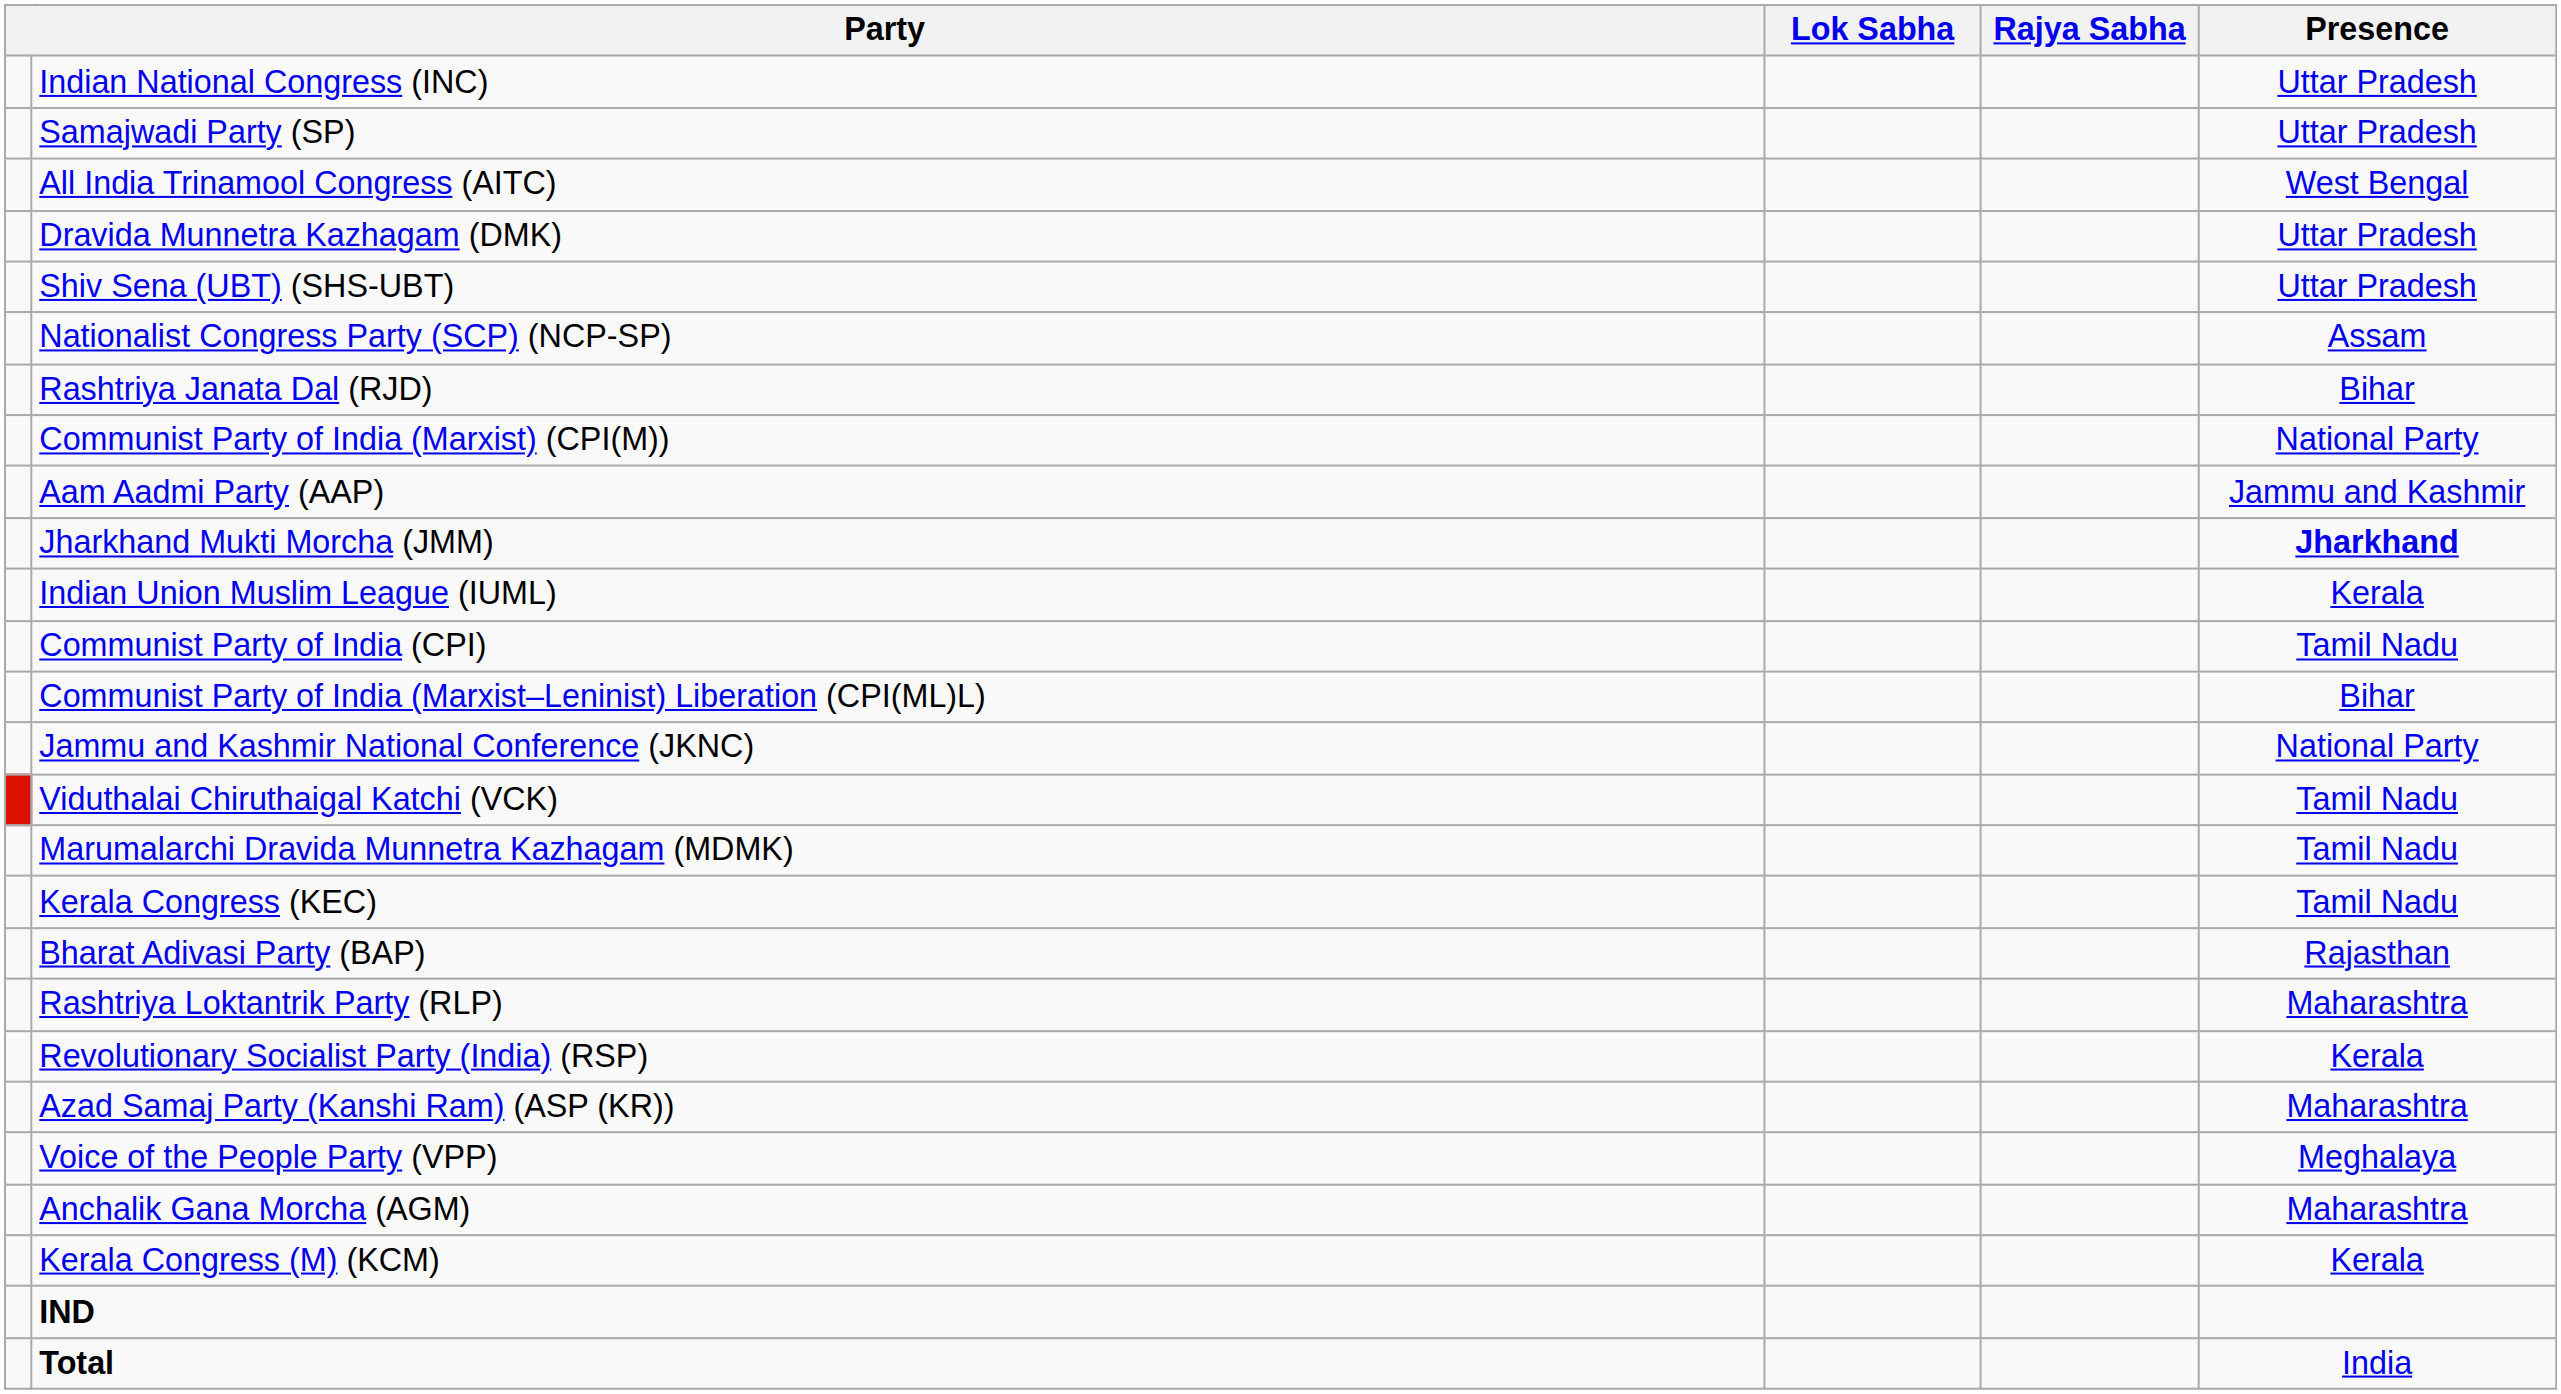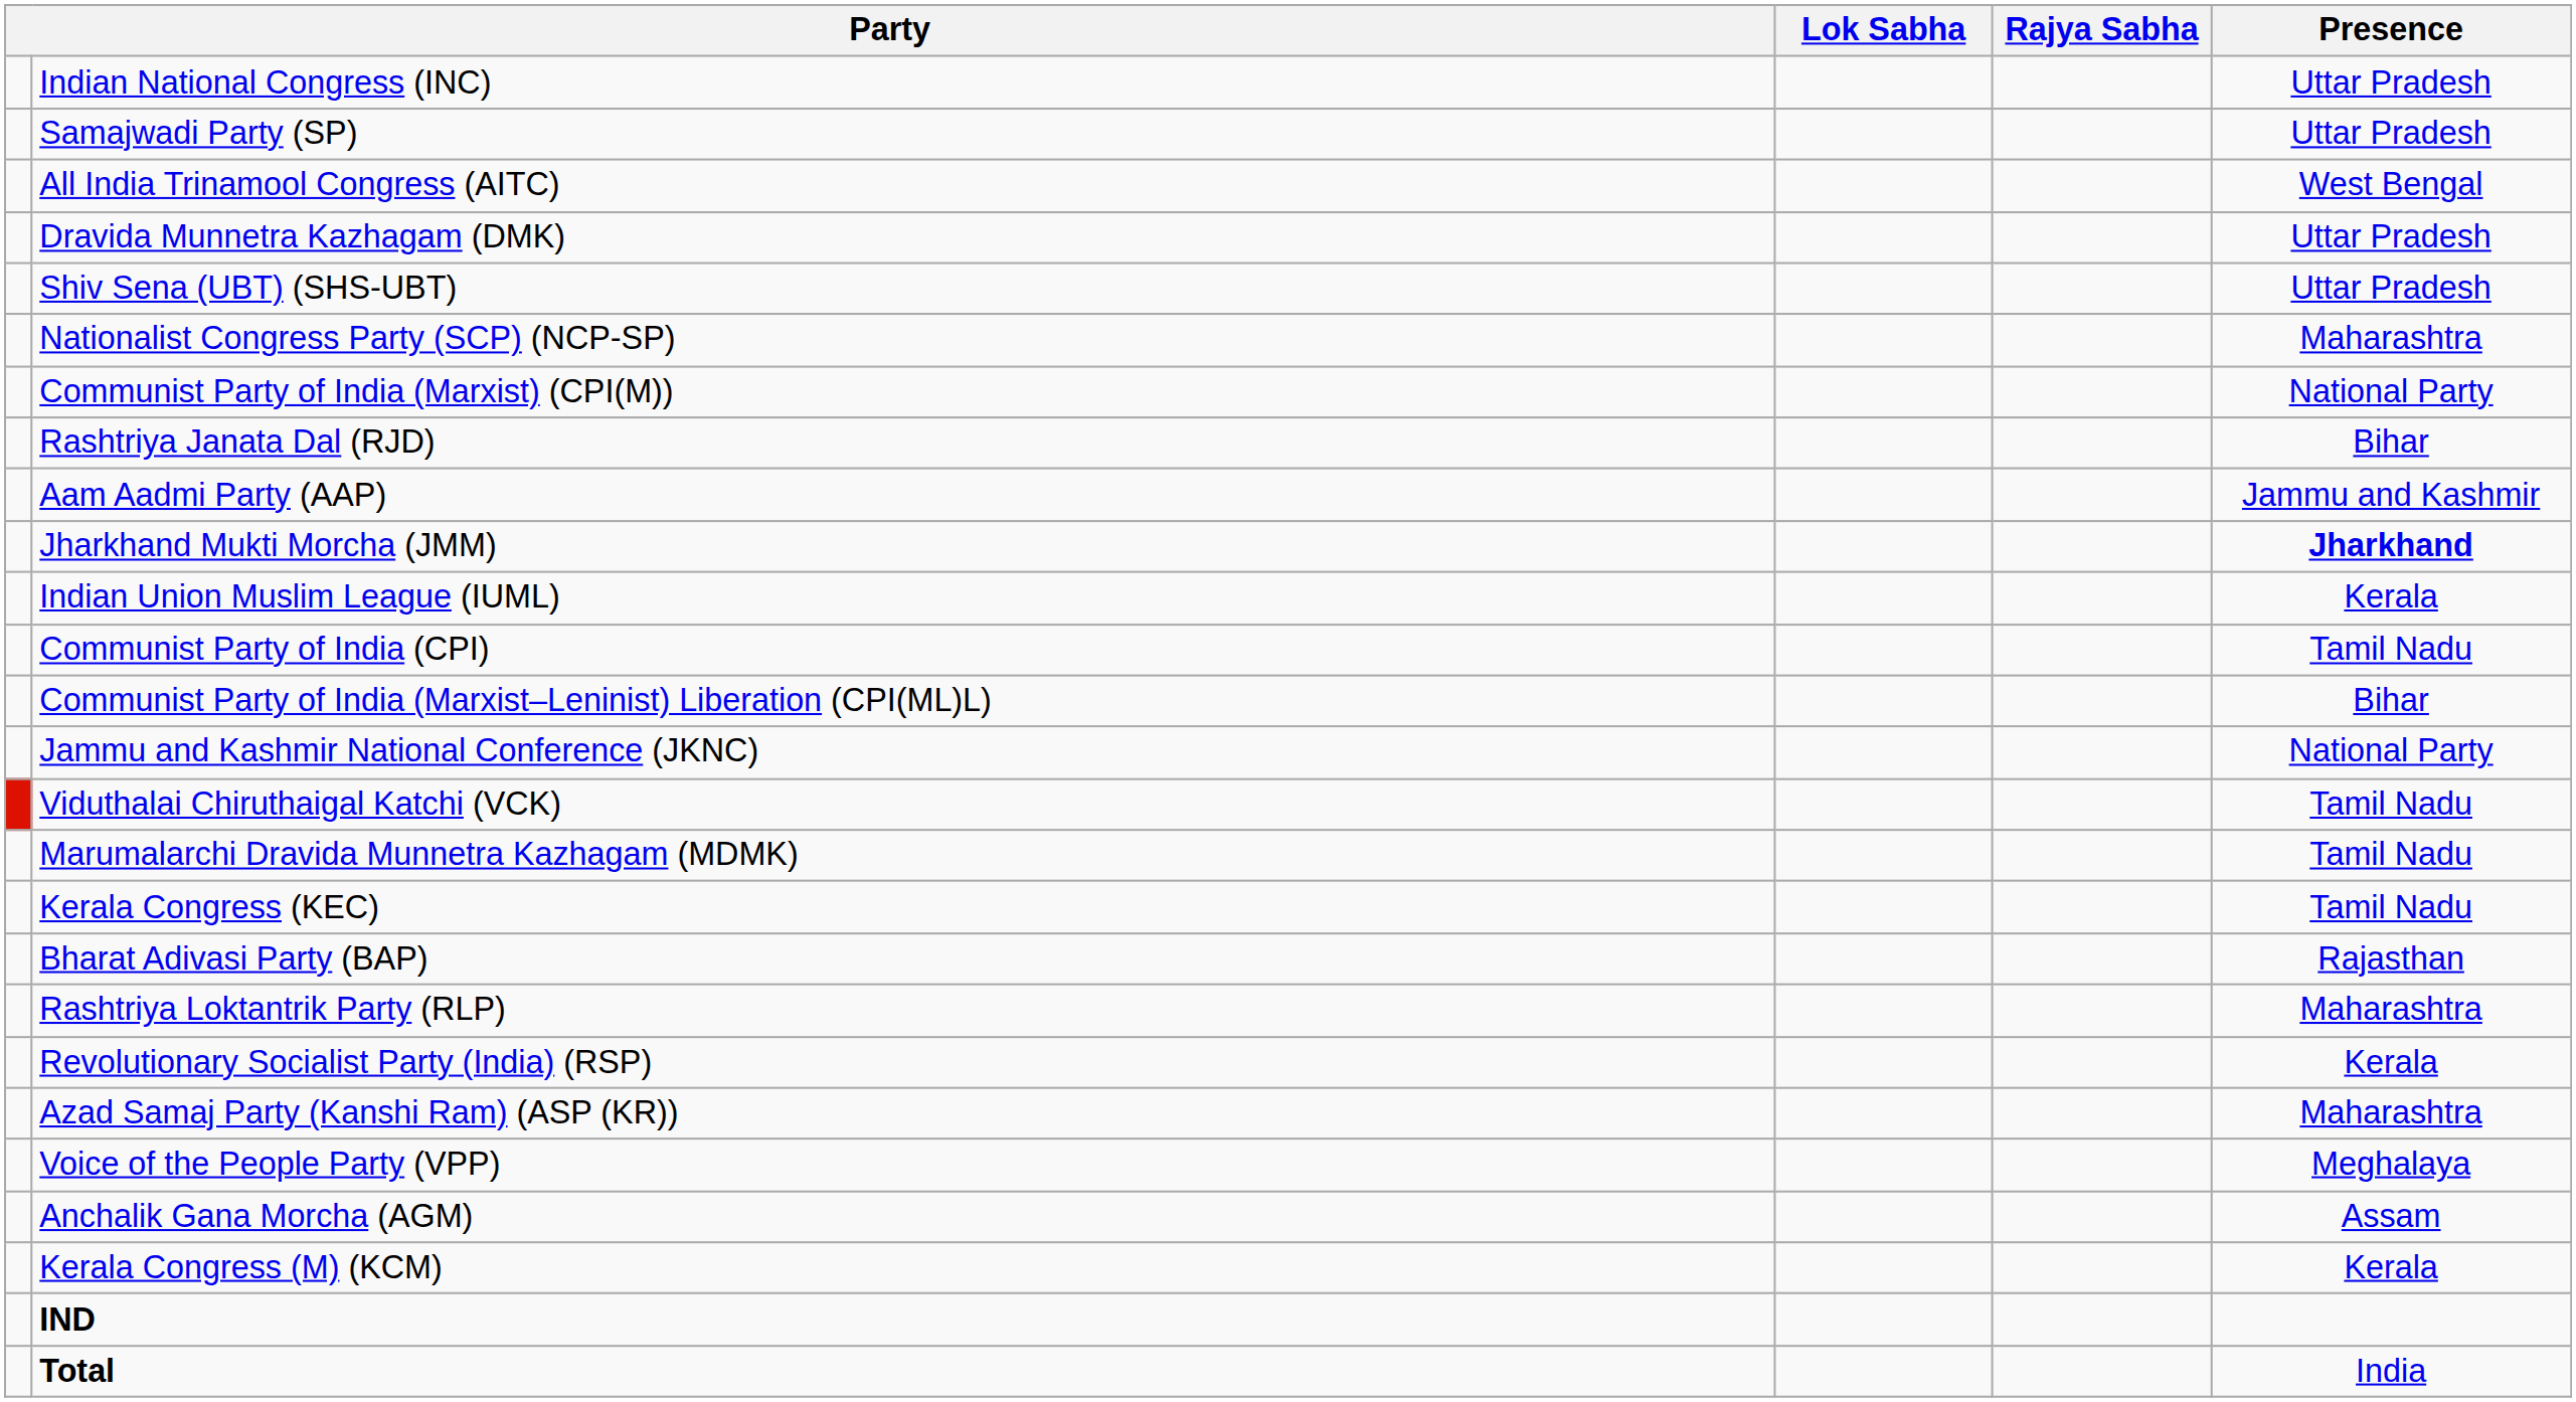 <table class="wikitable sortable" width="100%">
 <tr>
 <th colspan="2" style="width:300px;">Party</th>
 <th style="width:100px;"><a href='#'>Lok Sabha</a></th>
 <th style="width:100px;"><a href='#'>Rajya Sabha</a></th>
 <th style="width:170px;">Presence</th>
 </tr>
 <tr>
 <td style="background-color:"></td>
 <td><a href='#'>Indian National Congress</a> (INC)</td>
 <td style="text-align: center;"></td>
 <td style="text-align: center;"></td>
 <td style="text-align: center;"><a href='#'>Uttar Pradesh</a></td>
 </tr>
 <tr>
 <td style="background-color:"></td>
 <td><a href='#'>Samajwadi Party</a> (SP)</td>
 <td style="text-align: center;"></td>
 <td style="text-align: center;"></td>
 <td style="text-align: center;"><a href='#'>Uttar Pradesh</a></td>
 </tr>
 <tr>
 <td style="background-color:"></td>
 <td><a href='#'>All India Trinamool Congress</a> (AITC)</td>
 <td style="text-align: center;"></td>
 <td style="text-align: center;"></td>
 <td style="text-align: center;"><a href='#'>West Bengal</a></td>
 </tr>
 <tr>
 <td style="background-color:"></td>
 <td><a href='#'>Dravida Munnetra Kazhagam</a> (DMK)</td>
 <td style="text-align: center;"></td>
 <td style="text-align: center;"></td>
 <td style="text-align: center;"><a href='#'>Uttar Pradesh</a></td>
 </tr>
 <tr>
 <td style="background-color:"></td>
 <td><a href='#'>Shiv Sena (UBT)</a> (SHS-UBT)</td>
 <td style="text-align: center;"></td>
 <td style="text-align: center;"></td>
 <td style="text-align: center;"><a href='#'>Uttar Pradesh</a></td>
 </tr>
 <tr>
 <td style="background-color:"></td>
 <td><a href='#'>Nationalist Congress Party (SCP)</a> (NCP-SP)</td>
 <td style="text-align: center;"></td>
 <td style="text-align: center;"></td>
-<td style="text-align: center;"><a href='#'>Assam</a></td>
+<td style="text-align: center;"><a href='#'>Maharashtra</a></td>
+</tr>
+<tr>
+<td style="background-color:"></td>
+<td><a href='#'>Communist Party of India (Marxist)</a> (CPI(M))</td>
+<td style="text-align: center;"></td>
+<td style="text-align: center;"></td>
+<td style="text-align: center;"><a href='#'>National Party</a></td>
 </tr>
 <tr>
 <td style="background-color:"></td>
 <td><a href='#'>Rashtriya Janata Dal</a> (RJD)</td>
 <td style="text-align: center;"></td>
 <td style="text-align: center;"></td>
 <td style="text-align: center;"><a href='#'>Bihar</a></td>
-</tr>
-<tr>
-<td style="background-color:"></td>
-<td><a href='#'>Communist Party of India (Marxist)</a> (CPI(M))</td>
-<td style="text-align: center;"></td>
-<td style="text-align: center;"></td>
-<td style="text-align: center;"><a href='#'>National Party</a></td>
 </tr>
 <tr>
 <td style="background-color:"></td>
 <td><a href='#'>Aam Aadmi Party</a> (AAP)</td>
 <td style="text-align: center;"></td>
 <td style="text-align: center;"></td>
 <td style="text-align: center;"><a href='#'>Jammu and Kashmir</a></td>
 </tr>
 <tr>
 <td style="background:"></td>
 <td><a href='#'>Jharkhand Mukti Morcha</a> (JMM)</td>
 <td style="text-align: center;"></td>
 <td style="text-align: center;"></td>
 <td style="text-align: center;"><strong><a href='#'>Jharkhand</a></strong></td>
 </tr>
 <tr>
 <td style="background-color:"></td>
 <td><a href='#'>Indian Union Muslim League</a> (IUML)</td>
 <td style="text-align: center;"></td>
 <td style="text-align: center;"></td>
 <td style="text-align: center;"><a href='#'>Kerala</a></td>
 </tr>
 <tr>
 <td style="background-color:"></td>
 <td><a href='#'>Communist Party of India</a> (CPI)</td>
 <td style="text-align: center;"></td>
 <td style="text-align: center;"></td>
 <td style="text-align: center;"><a href='#'>Tamil Nadu</a></td>
 </tr>
 <tr>
 <td style="background-color:"></td>
 <td><a href='#'>Communist Party of India (Marxist–Leninist) Liberation</a> (CPI(ML)L)</td>
 <td style="text-align: center;"></td>
 <td style="text-align: center;"></td>
 <td style="text-align: center;"><a href='#'>Bihar</a></td>
 </tr>
 <tr>
 <td style="background:"></td>
 <td><a href='#'>Jammu and Kashmir National Conference</a> (JKNC)</td>
 <td style="text-align: center;"></td>
 <td style="text-align: center;"></td>
 <td style="text-align: center;"><a href='#'>National Party</a></td>
 </tr>
 <tr>
 <td style="background:#d10; text-align:center; color:white;"></td>
 <td><a href='#'>Viduthalai Chiruthaigal Katchi</a> (VCK)</td>
 <td style="text-align: center;"></td>
 <td style="text-align: center;"></td>
 <td style="text-align: center;"><a href='#'>Tamil Nadu</a></td>
 </tr>
 <tr>
 <td style="background-color:"></td>
 <td><a href='#'>Marumalarchi Dravida Munnetra Kazhagam</a> (MDMK)</td>
 <td style="text-align: center;"></td>
 <td style="text-align: center;"></td>
 <td style="text-align: center;"><a href='#'>Tamil Nadu</a></td>
 </tr>
 <tr>
 <td style="background-color:"></td>
 <td><a href='#'>Kerala Congress</a> (KEC)</td>
 <td style="text-align: center;"></td>
 <td style="text-align: center;"></td>
 <td style="text-align: center;"><a href='#'>Tamil Nadu</a></td>
 </tr>
 <tr>
 <td style="background-color:"></td>
 <td><a href='#'>Bharat Adivasi Party</a> (BAP)</td>
 <td style="text-align: center;"></td>
 <td style="text-align: center;"></td>
 <td style="text-align: center;"><a href='#'>Rajasthan</a></td>
 </tr>
 <tr>
 <td style="background-color:"></td>
 <td><a href='#'>Rashtriya Loktantrik Party</a> (RLP)</td>
 <td style="text-align: center;"></td>
 <td style="text-align: center;"></td>
 <td style="text-align: center;"><a href='#'>Maharashtra</a></td>
 </tr>
 <tr>
 <td style="background-color:"></td>
 <td><a href='#'>Revolutionary Socialist Party (India)</a> (RSP)</td>
 <td style="text-align: center;"></td>
 <td style="text-align: center;"></td>
 <td style="text-align: center;"><a href='#'>Kerala</a></td>
 </tr>
 <tr>
 <td style="background-color:"></td>
 <td><a href='#'>Azad Samaj Party (Kanshi Ram)</a> (ASP (KR))</td>
 <td style="text-align: center;"></td>
 <td style="text-align: center;"></td>
 <td style="text-align: center;"><a href='#'>Maharashtra</a></td>
 </tr>
 <tr>
 <td style="background-color:"></td>
 <td><a href='#'>Voice of the People Party</a> (VPP)</td>
 <td style="text-align: center;"></td>
 <td style="text-align: center;"></td>
 <td style="text-align: center;"><a href='#'>Meghalaya</a></td>
 </tr>
 <tr>
 <td style="background-color:"></td>
 <td><a href='#'>Anchalik Gana Morcha</a> (AGM)</td>
 <td style="text-align: center;"></td>
 <td style="text-align: center;"></td>
-<td style="text-align: center;"><a href='#'>Maharashtra</a></td>
+<td style="text-align: center;"><a href='#'>Assam</a></td>
 </tr>
 <tr>
 <td style="background-color:"></td>
 <td><a href='#'>Kerala Congress (M)</a> (KCM)</td>
 <td style="text-align: center;"></td>
 <td style="text-align: center;"></td>
 <td style="text-align: center;"><a href='#'>Kerala</a></td>
 </tr>
 <tr>
 <td style="background-color:"></td>
 <td><strong>IND</strong></td>
 <td style="text-align: center;"></td>
 <td style="text-align: center;"></td>
 <td style="text-align: center;"></td>
 </tr>
 <tr>
 <td style="background-color:"></td>
 <td><strong>Total</strong></td>
 <td style="text-align: center;"></td>
 <td style="text-align: center;"></td>
 <td rowspan="4" style="text-align: center;"><a href='#'>India</a></td>
 </tr>
 </table>
